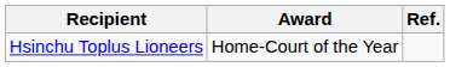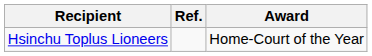 <table class="wikitable">
 <tr>
 <th>Recipient</th>
+<th>Ref.</th>
 <th>Award</th>
-<th>Ref.</th>
 </tr>
 <tr>
 <td><a href='#'>Hsinchu Toplus Lioneers</a></td>
+<td></td>
 <td>Home-Court of the Year</td>
-<td></td>
 </tr>
 </table>
